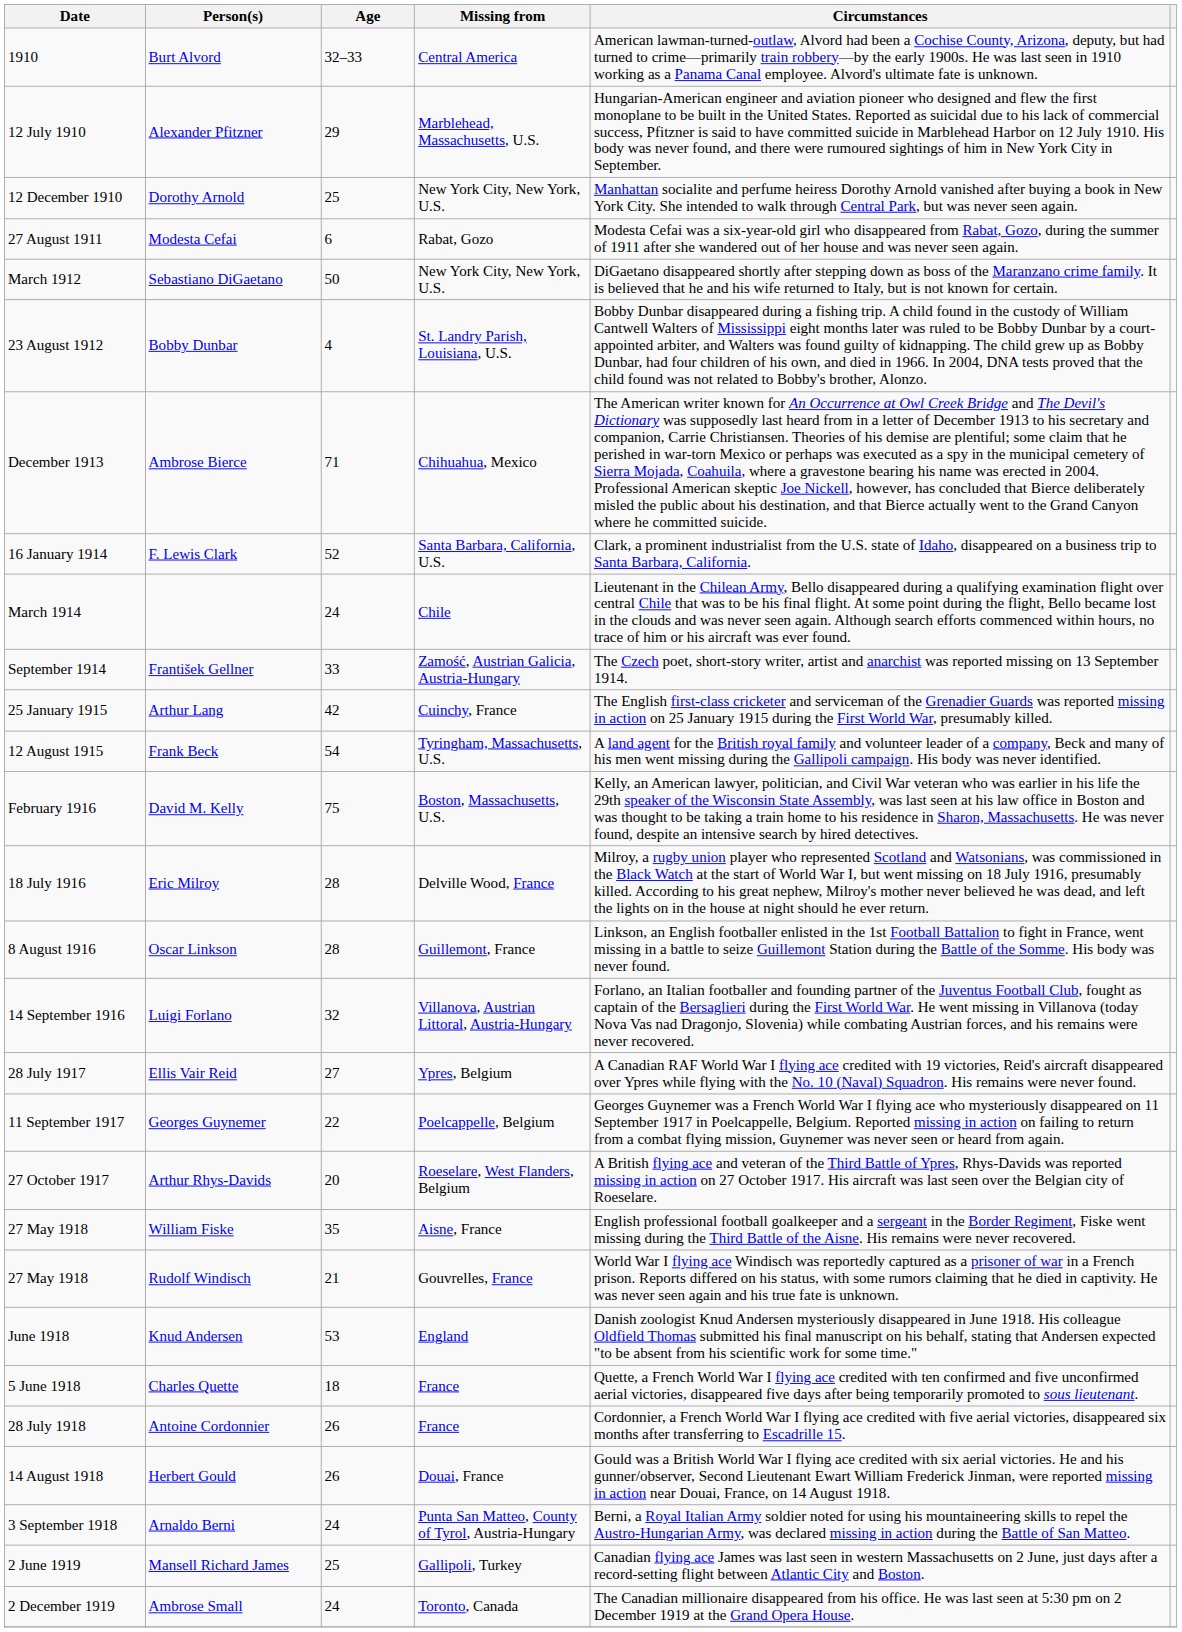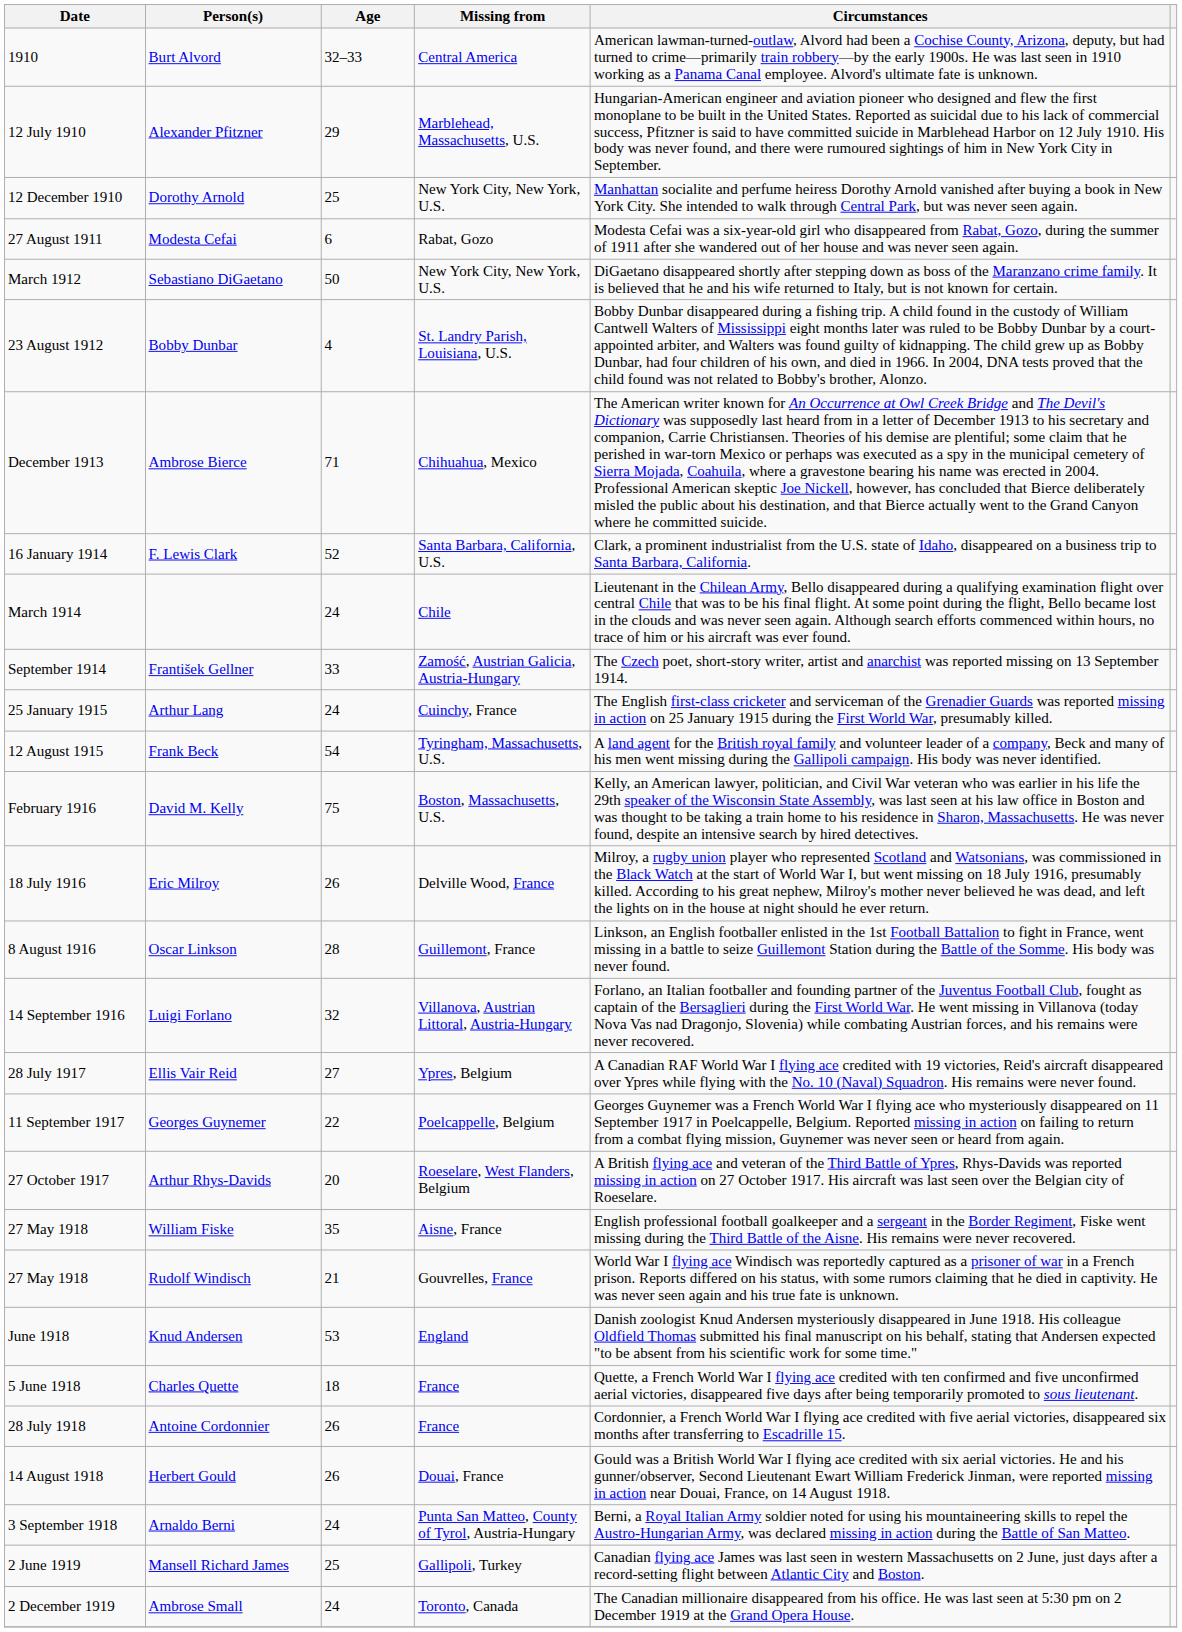 <table class="wikitable sortable zebra">
 <tr>
 <th data-sort-type="isoDate" width="12%">Date</th>
 <th data-sort-type="text" width="15%">Person(s)</th>
 <th data-sort-type="text" width="8%">Age</th>
 <th data-sort-type="text" width="15%">Missing from</th>
 <th class="unsortable">Circumstances</th>
 <th class="unsortable"></th>
 </tr>
 <tr>
 <td data-sort-value="1910-01-01">1910</td>
 <td><a href='#'>Burt Alvord</a></td>
 <td data-sort-value="032">32–33</td>
 <td><a href='#'>Central America</a></td>
 <td>American lawman-turned-<a href='#'>outlaw</a>, Alvord had been a <a href='#'>Cochise County, Arizona</a>, deputy, but had turned to crime—primarily <a href='#'>train robbery</a>—by the early 1900s. He was last seen in 1910 working as a <a href='#'>Panama Canal</a> employee. Alvord's ultimate fate is unknown.</td>
 <td style="text-align:center;"></td>
 </tr>
 <tr>
 <td data-sort-value="1910-01-01"> 12 July 1910</td>
 <td><a href='#'>Alexander Pfitzner</a></td>
 <td data-sort-value="029">29</td>
 <td><a href='#'>Marblehead, Massachusetts</a>, U.S.</td>
 <td>Hungarian-American engineer and aviation pioneer who designed and flew the first monoplane to be built in the United States. Reported as suicidal due to his lack of commercial success, Pfitzner is said to have committed suicide in Marblehead Harbor on 12 July 1910. His body was never found, and there were rumoured sightings of him in New York City in September.</td>
 <td style="text-align:center;"></td>
 </tr>
 <tr>
 <td data-sort-value="1910-12-12">12 December 1910</td>
 <td><a href='#'>Dorothy Arnold</a></td>
 <td data-sort-value="025">25</td>
 <td>New York City, New York, U.S.</td>
 <td><a href='#'>Manhattan</a> socialite and perfume heiress Dorothy Arnold vanished after buying a book in New York City. She intended to walk through <a href='#'>Central Park</a>, but was never seen again.</td>
 <td style="text-align:center;"></td>
 </tr>
 <tr>
 <td>27 August 1911</td>
 <td><a href='#'>Modesta Cefai</a></td>
 <td data-sort-value="006">6</td>
 <td>Rabat, Gozo</td>
 <td>Modesta Cefai was a six-year-old girl who disappeared from <a href='#'>Rabat, Gozo</a>, during the summer of 1911 after she wandered out of her house and was never seen again.</td>
 <td style="text-align:center;"></td>
 </tr>
 <tr>
 <td data-sort-value="1912-03-01">March 1912</td>
 <td><a href='#'>Sebastiano DiGaetano</a></td>
 <td data-sort-value="050"> 50</td>
 <td>New York City, New York, U.S.</td>
 <td>DiGaetano disappeared shortly after stepping down as boss of the <a href='#'>Maranzano crime family</a>. It is believed that he and his wife returned to Italy, but is not known for certain.</td>
 <td style="text-align:center;"></td>
 </tr>
 <tr>
 <td data-sort-value="1912-08-23">23 August 1912</td>
 <td><a href='#'>Bobby Dunbar</a></td>
 <td data-sort-value="004">4</td>
 <td><a href='#'>St. Landry Parish, Louisiana</a>, U.S.</td>
 <td>Bobby Dunbar disappeared during a fishing trip. A child found in the custody of William Cantwell Walters of <a href='#'>Mississippi</a> eight months later was ruled to be Bobby Dunbar by a court-appointed arbiter, and Walters was found guilty of kidnapping. The child grew up as Bobby Dunbar, had four children of his own, and died in 1966. In 2004, DNA tests proved that the child found was not related to Bobby's brother, Alonzo.</td>
 <td style="text-align:center;"></td>
 </tr>
 <tr>
 <td data-sort-value="1913-12-01">December 1913</td>
 <td><a href='#'>Ambrose Bierce</a></td>
 <td data-sort-value="071">71</td>
 <td><a href='#'>Chihuahua</a>, Mexico</td>
 <td>The American writer known for <em><a href='#'>An Occurrence at Owl Creek Bridge</a></em> and <em><a href='#'>The Devil's Dictionary</a></em> was supposedly last heard from in a letter of December 1913 to his secretary and companion, Carrie Christiansen. Theories of his demise are plentiful; some claim that he perished in war-torn Mexico or perhaps was executed as a spy in the municipal cemetery of <a href='#'>Sierra Mojada</a>, <a href='#'>Coahuila</a>, where a gravestone bearing his name was erected in 2004. Professional American skeptic <a href='#'>Joe Nickell</a>, however, has concluded that Bierce deliberately misled the public about his destination, and that Bierce actually went to the Grand Canyon where he committed suicide.</td>
 <td style="text-align:center;"></td>
 </tr>
 <tr>
 <td data-sort-value="1914-01-16">16 January 1914</td>
 <td><a href='#'>F. Lewis Clark</a></td>
 <td data-sort-value="052">52</td>
 <td><a href='#'>Santa Barbara, California</a>, U.S.</td>
 <td>Clark, a prominent industrialist from the U.S. state of <a href='#'>Idaho</a>, disappeared on a business trip to <a href='#'>Santa Barbara, California</a>.</td>
 <td style="text-align:center;"></td>
 </tr>
 <tr>
 <td data-sort-value="1914-01-01"> March 1914</td>
 <td></td>
 <td data-sort-value="027">24</td>
 <td><a href='#'>Chile</a></td>
 <td>Lieutenant in the <a href='#'>Chilean Army</a>, Bello disappeared during a qualifying examination flight over central <a href='#'>Chile</a> that was to be his final flight. At some point during the flight, Bello became lost in the clouds and was never seen again. Although search efforts commenced within hours, no trace of him or his aircraft was ever found.</td>
 <td style="text-align:center;"></td>
 </tr>
 <tr>
 <td data-sort-value="1914-09-01">September 1914</td>
 <td><a href='#'>František Gellner</a></td>
 <td data-sort-value="033">33</td>
 <td><a href='#'>Zamość</a>, <a href='#'>Austrian Galicia</a>, <a href='#'>Austria-Hungary</a></td>
 <td>The <a href='#'>Czech</a> poet, short-story writer, artist and <a href='#'>anarchist</a> was reported missing on 13 September 1914.</td>
 <td style="text-align:center;"></td>
 </tr>
 <tr>
 <td>25 January 1915</td>
 <td><a href='#'>Arthur Lang</a></td>
-<td data-sort-value="024">42</td>
+<td data-sort-value="024">24</td>
 <td><a href='#'>Cuinchy</a>, France</td>
 <td>The English <a href='#'>first-class cricketer</a> and serviceman of the <a href='#'>Grenadier Guards</a> was reported <a href='#'>missing in action</a> on 25 January 1915 during the <a href='#'>First World War</a>, presumably killed.</td>
 <td style="text-align:center;"></td>
 </tr>
 <tr>
 <td>12 August 1915</td>
 <td><a href='#'>Frank Beck</a></td>
 <td data-sort-value="054">54</td>
 <td><a href='#'>Tyringham, Massachusetts</a>, U.S.</td>
 <td>A <a href='#'>land agent</a> for the <a href='#'>British royal family</a> and volunteer leader of a <a href='#'>company</a>, Beck and many of his men went missing during the <a href='#'>Gallipoli campaign</a>. His body was never identified.</td>
 <td style="text-align:center;"></td>
 </tr>
 <tr>
 <td>February 1916</td>
 <td><a href='#'>David M. Kelly</a></td>
 <td data-sort-value="075">75</td>
 <td><a href='#'>Boston</a>, <a href='#'>Massachusetts</a>, U.S.</td>
 <td>Kelly, an American lawyer, politician, and Civil War veteran who was earlier in his life the 29th <a href='#'>speaker of the Wisconsin State Assembly</a>, was last seen at his law office in Boston and was thought to be taking a train home to his residence in <a href='#'>Sharon, Massachusetts</a>. He was never found, despite an intensive search by hired detectives.</td>
 <td style="text-align:center;"></td>
 </tr>
 <tr>
 <td>18 July 1916</td>
 <td><a href='#'>Eric Milroy</a></td>
-<td data-sort-value="028">28</td>
+<td data-sort-value="028">26</td>
 <td>Delville Wood, <a href='#'>France</a></td>
 <td>Milroy, a <a href='#'>rugby union</a> player who represented <a href='#'>Scotland</a> and <a href='#'>Watsonians</a>, was commissioned in the <a href='#'>Black Watch</a> at the start of World War I, but went missing on 18 July 1916, presumably killed. According to his great nephew, Milroy's mother never believed he was dead, and left the lights on in the house at night should he ever return.</td>
 <td style="text-align:center;"></td>
 </tr>
 <tr>
 <td>8 August 1916</td>
 <td><a href='#'>Oscar Linkson</a></td>
 <td data-sort-value="028">28</td>
 <td><a href='#'>Guillemont</a>, France</td>
 <td>Linkson, an English footballer enlisted in the 1st <a href='#'>Football Battalion</a> to fight in France, went missing in a battle to seize <a href='#'>Guillemont</a> Station during the <a href='#'>Battle of the Somme</a>. His body was never found.</td>
 <td style="text-align:center;"></td>
 </tr>
 <tr>
 <td>14 September 1916</td>
 <td><a href='#'>Luigi Forlano</a></td>
 <td data-sort-value="032">32</td>
 <td><a href='#'>Villanova</a>, <a href='#'>Austrian Littoral</a>, <a href='#'>Austria-Hungary</a></td>
 <td>Forlano, an Italian footballer and founding partner of the <a href='#'>Juventus Football Club</a>, fought as captain of the <a href='#'>Bersaglieri</a> during the <a href='#'>First World War</a>. He went missing in Villanova (today Nova Vas nad Dragonjo, Slovenia) while combating Austrian forces, and his remains were never recovered.</td>
 <td style="text-align:center;"></td>
 </tr>
 <tr>
 <td>28 July 1917</td>
 <td><a href='#'>Ellis Vair Reid</a></td>
 <td data-sort-value="027">27</td>
 <td><a href='#'>Ypres</a>, Belgium</td>
 <td>A Canadian RAF World War I <a href='#'>flying ace</a> credited with 19 victories, Reid's aircraft disappeared over Ypres while flying with the <a href='#'>No. 10 (Naval) Squadron</a>. His remains were never found.</td>
 <td style="text-align:center;"></td>
 </tr>
 <tr>
 <td data-sort-value="1917-09-11">11 September 1917</td>
 <td><a href='#'>Georges Guynemer</a></td>
 <td data-sort-value="022">22</td>
 <td><a href='#'>Poelcappelle</a>, Belgium</td>
 <td>Georges Guynemer was a French World War I flying ace who mysteriously disappeared on 11 September 1917 in Poelcappelle, Belgium. Reported <a href='#'>missing in action</a> on failing to return from a combat flying mission, Guynemer was never seen or heard from again.</td>
 <td style="text-align:center;"></td>
 </tr>
 <tr>
 <td data-sort-value="1917-10-27">27 October 1917</td>
 <td><a href='#'>Arthur Rhys-Davids</a></td>
 <td data-sort-value="020">20</td>
 <td><a href='#'>Roeselare</a>, <a href='#'>West Flanders</a>, Belgium</td>
 <td>A British <a href='#'>flying ace</a> and veteran of the <a href='#'>Third Battle of Ypres</a>, Rhys-Davids was reported <a href='#'>missing in action</a> on 27 October 1917. His aircraft was last seen over the Belgian city of Roeselare.</td>
 <td style="text-align:center;"></td>
 </tr>
 <tr>
 <td>27 May 1918</td>
 <td><a href='#'>William Fiske</a></td>
 <td data-sort-value="032">35</td>
 <td><a href='#'>Aisne</a>, France</td>
 <td>English professional football goalkeeper and a <a href='#'>sergeant</a> in the <a href='#'>Border Regiment</a>, Fiske went missing during the <a href='#'>Third Battle of the Aisne</a>. His remains were never recovered.</td>
 <td style="text-align:center;"></td>
 </tr>
 <tr>
 <td>27 May 1918</td>
 <td><a href='#'>Rudolf Windisch</a></td>
 <td data-sort-value="021">21</td>
 <td>Gouvrelles, <a href='#'>France</a></td>
 <td>World War I <a href='#'>flying ace</a> Windisch was reportedly captured as a <a href='#'>prisoner of war</a> in a French prison. Reports differed on his status, with some rumors claiming that he died in captivity. He was never seen again and his true fate is unknown.</td>
 <td style="text-align:center;"></td>
 </tr>
 <tr>
 <td data-sort-value="1918-06-01">June 1918</td>
 <td><a href='#'>Knud Andersen</a></td>
 <td data-sort-value="051">53</td>
 <td><a href='#'>England</a></td>
 <td>Danish zoologist Knud Andersen mysteriously disappeared in June 1918. His colleague <a href='#'>Oldfield Thomas</a> submitted his final manuscript on his behalf, stating that Andersen expected "to be absent from his scientific work for some time."</td>
 <td style="text-align:center;"></td>
 </tr>
 <tr>
 <td>5 June 1918</td>
 <td><a href='#'>Charles Quette</a></td>
 <td data-sort-value="023">18</td>
 <td><a href='#'>France</a></td>
 <td>Quette, a French World War I <a href='#'>flying ace</a> credited with ten confirmed and five unconfirmed aerial victories, disappeared five days after being temporarily promoted to <em><a href='#'>sous lieutenant</a></em>.</td>
 <td style="text-align:center;"></td>
 </tr>
 <tr>
 <td>28 July 1918</td>
 <td><a href='#'>Antoine Cordonnier</a></td>
 <td data-sort-value="026">26</td>
 <td><a href='#'>France</a></td>
 <td>Cordonnier, a French World War I flying ace credited with five aerial victories, disappeared six months after transferring to <a href='#'>Escadrille 15</a>.</td>
 <td style="text-align:center;"></td>
 </tr>
 <tr>
 <td data-sort-value="1918-08-14">14 August 1918</td>
 <td><a href='#'>Herbert Gould</a></td>
 <td data-sort-value="026">26</td>
 <td><a href='#'>Douai</a>, France</td>
 <td>Gould was a British World War I flying ace credited with six aerial victories. He and his gunner/observer, Second Lieutenant Ewart William Frederick Jinman, were reported <a href='#'>missing in action</a> near Douai, France, on 14 August 1918.</td>
 <td style="text-align:center;"></td>
 </tr>
 <tr>
 <td>3 September 1918</td>
 <td><a href='#'>Arnaldo Berni</a></td>
 <td data-sort-value="024">24</td>
 <td><a href='#'>Punta San Matteo</a>, <a href='#'>County of Tyrol</a>, Austria-Hungary</td>
 <td>Berni, a <a href='#'>Royal Italian Army</a> soldier noted for using his mountaineering skills to repel the <a href='#'>Austro-Hungarian Army</a>, was declared <a href='#'>missing in action</a> during the <a href='#'>Battle of San Matteo</a>.</td>
 <td style="text-align:center;"></td>
 </tr>
 <tr>
 <td data-sort-value="1919-06-02">2 June 1919</td>
 <td><a href='#'>Mansell Richard James</a></td>
 <td data-sort-value="025">25</td>
 <td><a href='#'>Gallipoli</a>, Turkey</td>
 <td>Canadian <a href='#'>flying ace</a> James was last seen in western Massachusetts on 2 June, just days after a record-setting flight between <a href='#'>Atlantic City</a> and <a href='#'>Boston</a>.</td>
 <td style="text-align:center;"></td>
 </tr>
 <tr>
 <td data-sort-value="1919-12-02">2 December 1919</td>
 <td><a href='#'>Ambrose Small</a></td>
 <td data-sort-value="056">24</td>
 <td><a href='#'>Toronto</a>, Canada</td>
 <td>The Canadian millionaire disappeared from his office. He was last seen at 5:30 pm on 2 December 1919 at the <a href='#'>Grand Opera House</a>.</td>
 <td style="text-align:center;"></td>
 </tr>
 <tr>
 </tr>
 </table>
